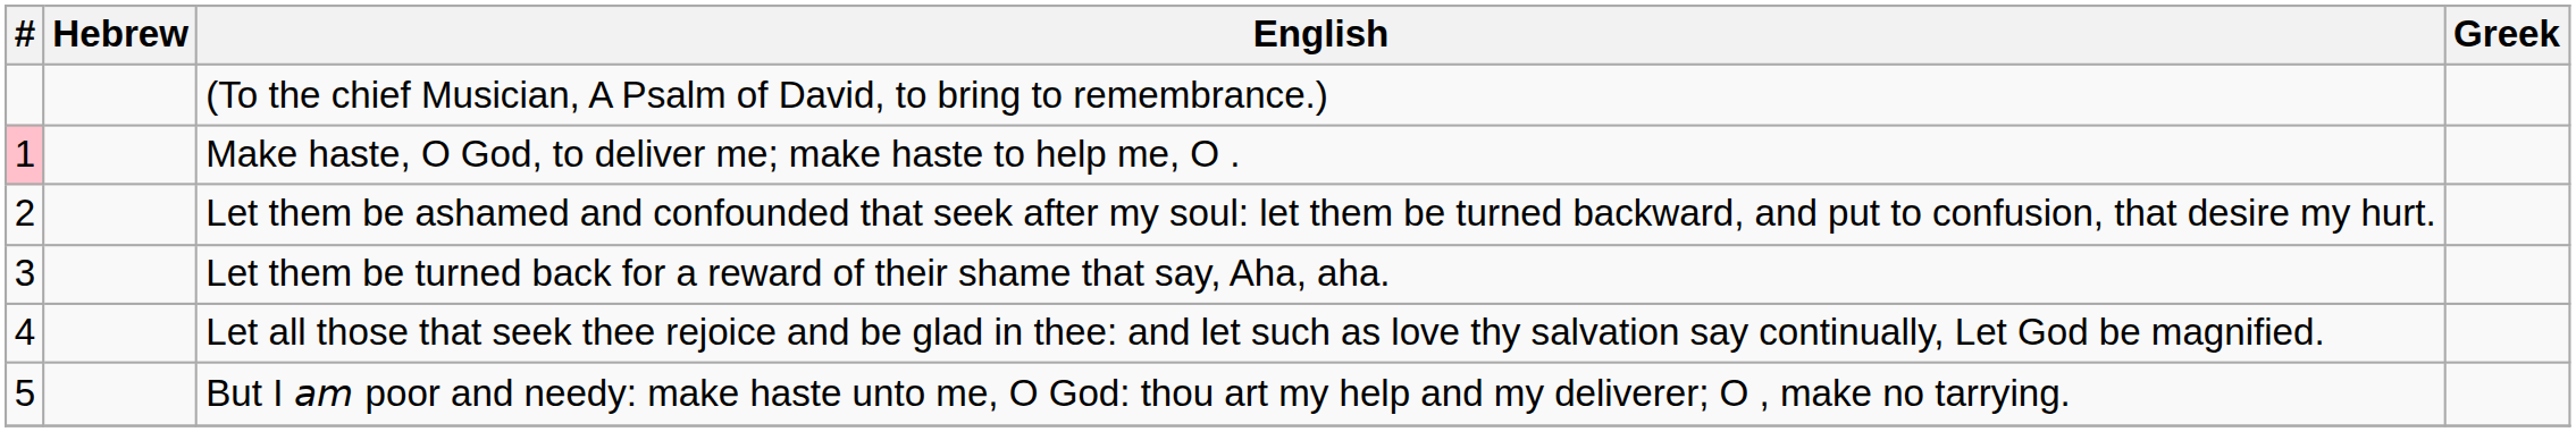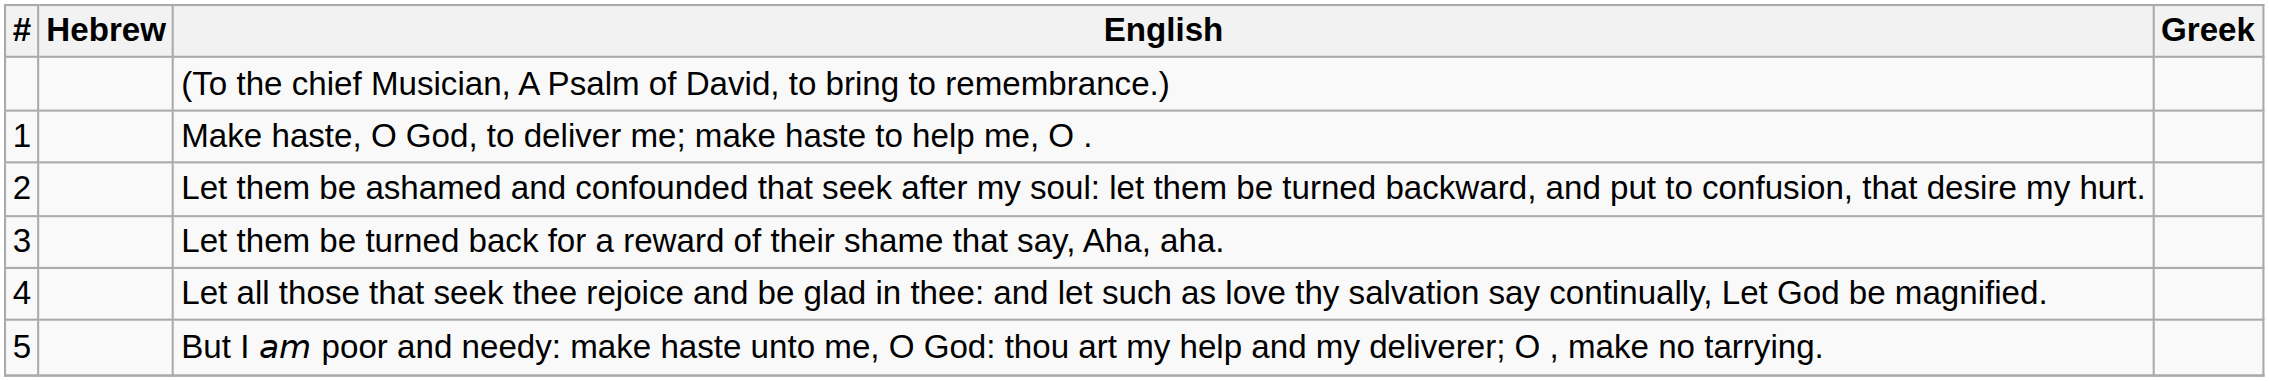 <table class=wikitable>
 <tr>
 <th>#</th>
 <th>Hebrew</th>
 <th>English</th>
 <th>Greek</th>
 </tr>
 <tr>
 <td style="text-align:right"></td>
 <td style="text-align:right"></td>
 <td>(To the chief Musician, A Psalm of David, to bring to remembrance.)</td>
 <td></td>
 </tr>
 <tr>
-<td style="background: pink; text-align:right">1</td>
+<td style="text-align:right">1</td>
 <td style="text-align:right"></td>
 <td>Make haste, O God, to deliver me; make haste to help me, O .</td>
 <td></td>
 </tr>
 <tr>
 <td style="text-align:right">2</td>
 <td style="text-align:right"></td>
 <td>Let them be ashamed and confounded that seek after my soul: let them be turned backward, and put to confusion, that desire my hurt.</td>
 <td></td>
 </tr>
 <tr>
 <td style="text-align:right">3</td>
 <td style="text-align:right"></td>
 <td>Let them be turned back for a reward of their shame that say, Aha, aha.</td>
 <td></td>
 </tr>
 <tr>
 <td style="text-align:right">4</td>
 <td style="text-align:right"></td>
 <td>Let all those that seek thee rejoice and be glad in thee: and let such as love thy salvation say continually, Let God be magnified.</td>
 <td></td>
 </tr>
 <tr>
 <td style="text-align:right">5</td>
 <td style="text-align:right"></td>
 <td>But I 𝘢𝘮 poor and needy: make haste unto me, O God: thou art my help and my deliverer; O , make no tarrying.</td>
 <td></td>
 </tr>
 <tr>
 </tr>
 </table>
